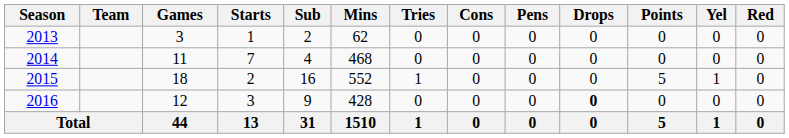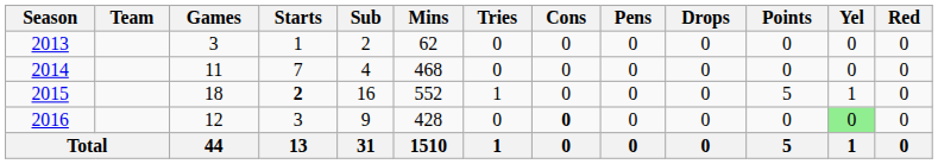 <table class="wikitable" style="text-align:center; line-height:90%; font-size:95%; width:60%;">
 <tr>
 <th>Season</th>
 <th>Team</th>
 <th>Games</th>
 <th>Starts</th>
 <th>Sub</th>
 <th>Mins</th>
 <th>Tries</th>
 <th>Cons</th>
 <th>Pens</th>
 <th>Drops</th>
 <th>Points</th>
 <th>Yel</th>
 <th>Red</th>
 </tr>
 <tr>
 <td><a href='#'>2013</a></td>
 <td></td>
 <td>3</td>
 <td>1</td>
 <td>2</td>
 <td>62</td>
 <td>0</td>
 <td>0</td>
 <td>0</td>
 <td>0</td>
 <td>0</td>
 <td>0</td>
 <td>0</td>
 </tr>
 <tr>
 <td><a href='#'>2014</a></td>
 <td></td>
 <td>11</td>
 <td>7</td>
 <td>4</td>
 <td>468</td>
 <td>0</td>
 <td>0</td>
 <td>0</td>
 <td>0</td>
 <td>0</td>
 <td>0</td>
 <td>0</td>
 </tr>
 <tr>
 <td><a href='#'>2015</a></td>
 <td></td>
 <td>18</td>
-<td>2</td>
+<td><strong>2</strong></td>
 <td>16</td>
 <td>552</td>
 <td>1</td>
 <td>0</td>
 <td>0</td>
 <td>0</td>
 <td>5</td>
 <td>1</td>
 <td>0</td>
 </tr>
 <tr>
 <td><a href='#'>2016</a></td>
 <td></td>
 <td>12</td>
 <td>3</td>
 <td>9</td>
 <td>428</td>
 <td>0</td>
-<td>0</td>
-<td>0</td>
 <td><strong>0</strong></td>
 <td>0</td>
 <td>0</td>
+<td>0</td>
+<td style="background: lightgreen;">0</td>
 <td>0</td>
 </tr>
 <tr>
 <th colspan="2">Total</th>
 <th>44</th>
 <th>13</th>
 <th>31</th>
 <th>1510</th>
 <th>1</th>
 <th>0</th>
 <th>0</th>
 <th>0</th>
 <th>5</th>
 <th>1</th>
 <th>0</th>
 </tr>
 </table>
